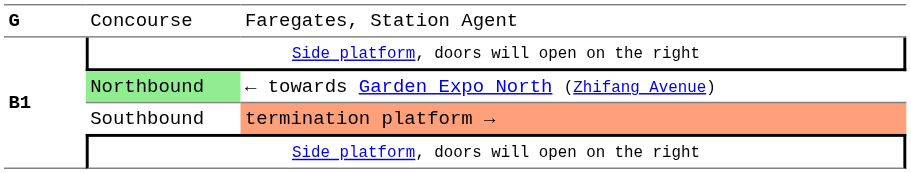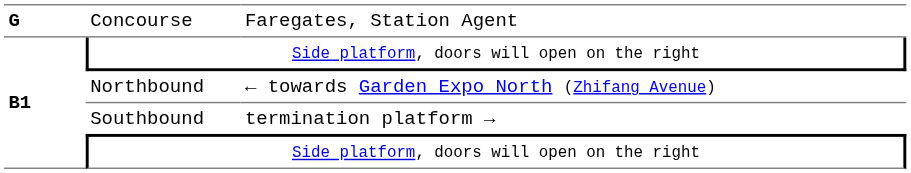 <table table border=0 cellspacing=0 cellpadding=3>
 <tr>
 <td style="border-top:solid 1px gray;border-bottom:solid 1px gray;" width=50><strong>G</strong></td>
 <td style="border-top:solid 1px gray;border-bottom:solid 1px gray;" width=100>Concourse</td>
 <td style="border-top:solid 1px gray;border-bottom:solid 1px gray;" width=450>Faregates, Station Agent</td>
 </tr>
 <tr>
 <td style="border-bottom:solid 1px gray;" rowspan=4><strong>B1</strong></td>
 <td style="border-right:solid 2px black;border-left:solid 2px black;border-top:solid 0px gray;border-bottom:solid 2px black;text-align:center;" colspan=2><small><a href='#'>Side platform</a>, doors will open on the right</small></td>
 </tr>
 <tr>
-<td style="background: lightgreen;">Northbound</td>
+<td>Northbound</td>
 <td>←  towards <a href='#'>Garden Expo North</a> <small>(<a href='#'>Zhifang Avenue</a>)</small></td>
 </tr>
 <tr>
 <td style="border-top:solid 1px gray;">Southbound</td>
-<td style="background: lightsalmon; border-top:solid 1px gray;"> termination platform →</td>
+<td style="border-top:solid 1px gray;"> termination platform →</td>
 </tr>
 <tr>
 <td style="border-right:solid 2px black;border-left:solid 2px black;border-top:solid 2px black;border-bottom:solid 1px gray;text-align:center;" colspan=2><small><a href='#'>Side platform</a>, doors will open on the right</small></td>
 </tr>
 </table>
